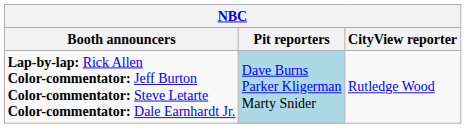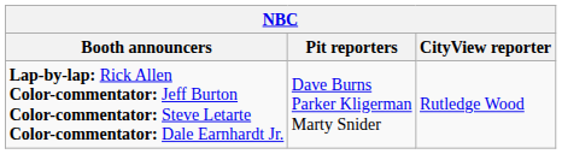 <table class="wikitable" style="font-size: 95%">
 <tr>
 <th colspan="3"><a href='#'>NBC</a></th>
 </tr>
 <tr>
 <th>Booth announcers</th>
 <th>Pit reporters</th>
 <th>CityView reporter</th>
 </tr>
 <tr>
 <td><strong>Lap-by-lap:</strong> <a href='#'>Rick Allen</a><br><strong>Color-commentator:</strong> <a href='#'>Jeff Burton</a><br><strong>Color-commentator:</strong> <a href='#'>Steve Letarte</a><br><strong>Color-commentator:</strong> <a href='#'>Dale Earnhardt Jr.</a></td>
-<td style="background: lightblue;"><a href='#'>Dave Burns</a><br><a href='#'>Parker Kligerman</a><br>Marty Snider</td>
+<td><a href='#'>Dave Burns</a><br><a href='#'>Parker Kligerman</a><br>Marty Snider</td>
 <td><a href='#'>Rutledge Wood</a></td>
 </tr>
 </table>
